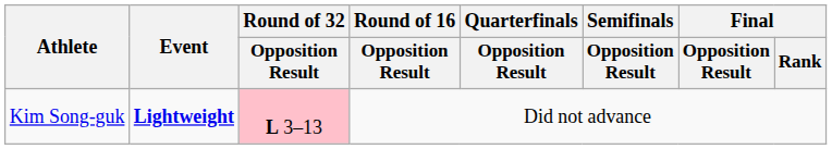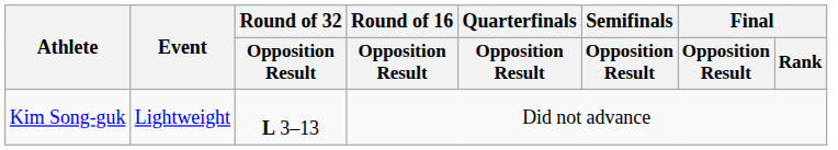 <table class="wikitable" style="font-size:90%">
 <tr>
 <th rowspan="2">Athlete</th>
 <th rowspan="2">Event</th>
 <th>Round of 32</th>
 <th>Round of 16</th>
 <th>Quarterfinals</th>
 <th>Semifinals</th>
 <th colspan=2>Final</th>
 </tr>
 <tr style="font-size:95%">
 <th>Opposition<br>Result</th>
 <th>Opposition<br>Result</th>
 <th>Opposition<br>Result</th>
 <th>Opposition<br>Result</th>
 <th>Opposition<br>Result</th>
 <th>Rank</th>
 </tr>
 <tr align=center>
 <td align=left><a href='#'>Kim Song-guk</a></td>
-<td align=left><strong><a href='#'>Lightweight</a></strong></td>
-<td style="background: pink;"><br><strong>L</strong> 3–13</td>
+<td align=left><a href='#'>Lightweight</a></td>
+<td><br><strong>L</strong> 3–13</td>
 <td colspan=5>Did not advance</td>
 </tr>
 </table>
